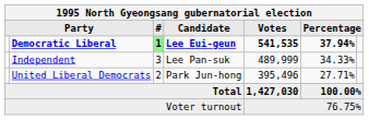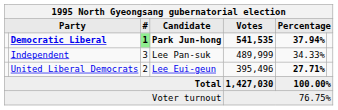 <table class="wikitable">
 <tr>
 <th colspan="7">1995 North Gyeongsang gubernatorial election</th>
 </tr>
 <tr>
 <th style="background-color:#E9E9E9" colspan=2>Party</th>
 <th style="background-color:#E9E9E9">#</th>
 <th style="background-color:#E9E9E9">Candidate</th>
 <th style="background-color:#E9E9E9">Votes</th>
 <th style="background-color:#E9E9E9" colspan=2>Percentage</th>
 </tr>
 <tr style="font-weight:bold">
 <td></td>
 <td align=left><a href='#'>Democratic Liberal</a></td>
 <td align=center style="background: lightgreen;">1</td>
-<td align=left><a href='#'>Lee Eui-geun</a></td>
+<td align=left>Park Jun-hong</td>
 <td align=right>541,535</td>
 <td align=right>37.94%</td>
 <td align=right></td>
 </tr>
 <tr>
 <td></td>
 <td align=left><a href='#'>Independent</a></td>
 <td align=center>3</td>
 <td align=left>Lee Pan-suk</td>
 <td align=right>489,999</td>
 <td align=right>34.33%</td>
 <td align=right></td>
 </tr>
 <tr>
 <td></td>
 <td align=left><a href='#'>United Liberal Democrats</a></td>
 <td align=center>2</td>
-<td align=left>Park Jun-hong</td>
+<td align=left><a href='#'>Lee Eui-geun</a></td>
 <td align=right>395,496</td>
-<td align=right>27.71%</td>
+<td align=right><strong>27.71%</strong></td>
 <td align=right></td>
 </tr>
 <tr bgcolor="#EEEEEE" style="font-weight:bold">
 <td colspan="4" align=right>Total</td>
 <td align=right>1,427,030</td>
 <td align=right colspan=2>100.00%</td>
 </tr>
 <tr bgcolor="#EEEEEE">
 <td colspan="4" align="right">Voter turnout</td>
 <td colspan="3" align="right">76.75%</td>
 </tr>
 </table>
